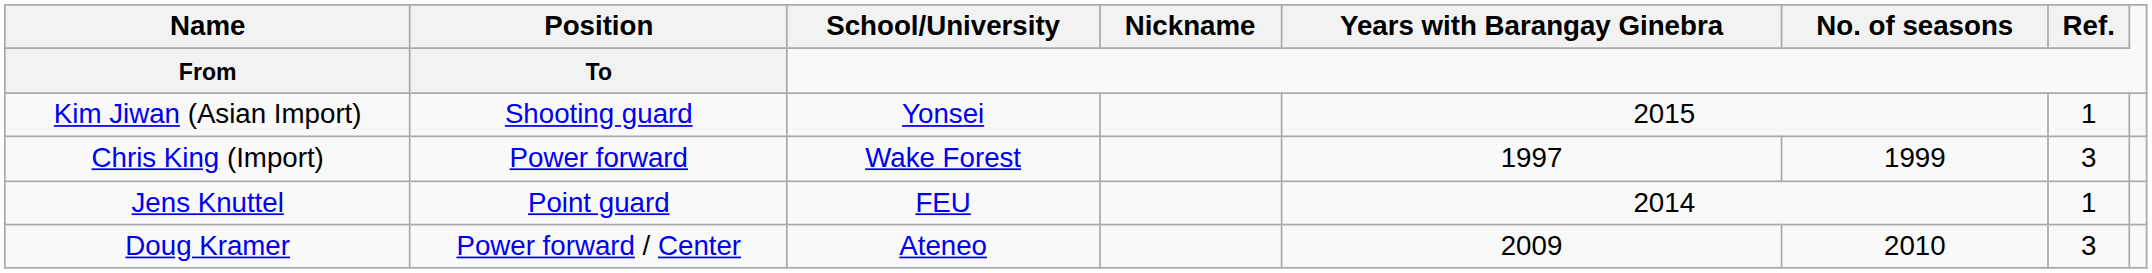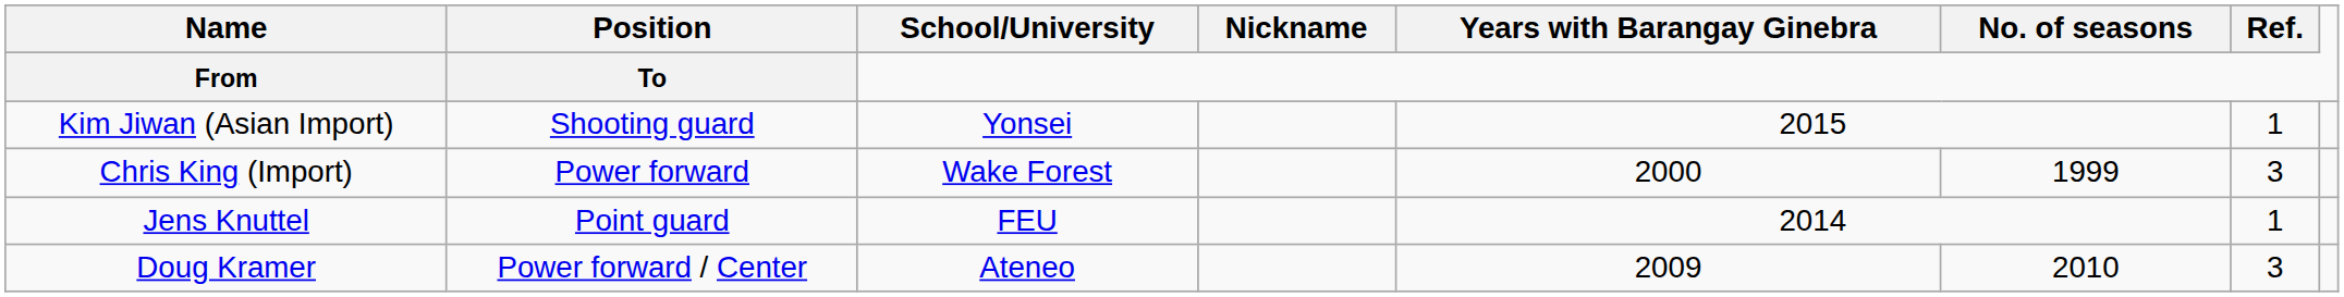 <table class="wikitable sortable" style="text-align:center" width="98%">
 <tr>
 <th>Name</th>
 <th>Position</th>
 <th>School/University</th>
 <th>Nickname</th>
 <th>Years with Barangay Ginebra</th>
 <th>No. of seasons</th>
 <th>Ref.</th>
 </tr>
 <tr>
 <th><small>From</small></th>
 <th><small>To</small></th>
 </tr>
 <tr>
 <td><a href='#'>Kim Jiwan</a> (Asian Import)</td>
 <td><a href='#'>Shooting guard</a></td>
 <td><a href='#'>Yonsei</a></td>
 <td></td>
 <td colspan="2">2015</td>
 <td>1</td>
 <td></td>
 </tr>
 <tr>
 <td><a href='#'>Chris King</a> (Import)</td>
 <td><a href='#'>Power forward</a></td>
 <td><a href='#'>Wake Forest</a></td>
 <td></td>
-<td>1997</td>
+<td>2000</td>
 <td>1999</td>
 <td>3</td>
 <td></td>
 </tr>
 <tr>
 <td><a href='#'>Jens Knuttel</a></td>
 <td><a href='#'>Point guard</a></td>
 <td><a href='#'>FEU</a></td>
 <td></td>
 <td colspan="2">2014</td>
 <td>1</td>
 <td></td>
 </tr>
 <tr>
 <td><a href='#'>Doug Kramer</a></td>
 <td><a href='#'>Power forward</a> / <a href='#'>Center</a></td>
 <td><a href='#'>Ateneo</a></td>
 <td></td>
 <td>2009</td>
 <td>2010</td>
 <td>3</td>
 <td></td>
 </tr>
 </table>
